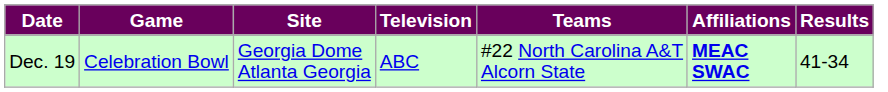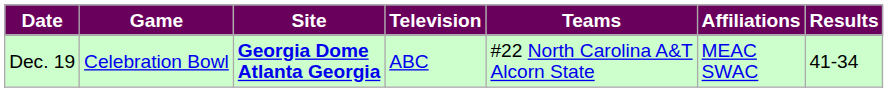 <table class="wikitable" style="font-size:90%;">
 <tr>
 <th colspan="1" style="background-color: #69005C; color:white; text-align: center;">Date</th>
 <th colspan="1" style="background-color: #69005C; color:white; text-align: center;">Game</th>
 <th colspan="1" style="background-color: #69005C; color:white; text-align: center;">Site</th>
 <th colspan="1" style="background-color: #69005C; color:white; text-align: center;">Television</th>
 <th colspan="1" style="background-color: #69005C; color:white; text-align: center;">Teams</th>
 <th colspan="1" style="background-color: #69005C; color:white; text-align: center;">Affiliations</th>
 <th colspan="1" style="background-color: #69005C; color:white; text-align: center;">Results</th>
 </tr>
 <tr>
 </tr>
 <tr bgcolor=#ccffcc>
 <td rowspan=2 style=white-space:nowrap>Dec. 19</td>
 <td><a href='#'>Celebration Bowl</a></td>
-<td><a href='#'>Georgia Dome</a><br><a href='#'>Atlanta Georgia</a><br></td>
+<td><strong><a href='#'>Georgia Dome</a><br><a href='#'>Atlanta Georgia</a><br></strong></td>
 <td rowspan=3><a href='#'>ABC</a></td>
 <td>#22 <a href='#'>North Carolina A&T</a><br><a href='#'>Alcorn State</a></td>
-<td><strong><a href='#'>MEAC</a><br><a href='#'>SWAC</a></strong></td>
+<td><a href='#'>MEAC</a><br><a href='#'>SWAC</a></td>
 <td>41-34</td>
 </tr>
 </table>
